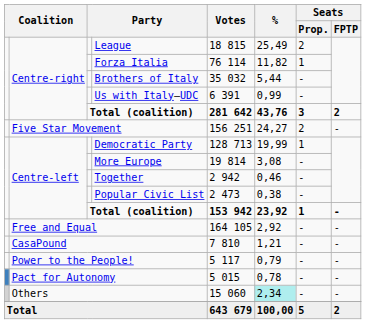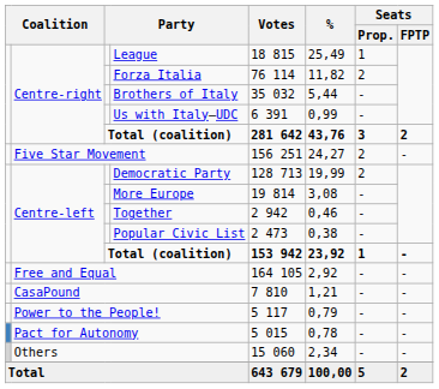 <table class="wikitable">
 <tr>
 <th colspan="2" rowspan="2">Coalition</th>
 <th colspan="2" rowspan="2">Party</th>
 <th rowspan="2">Votes</th>
 <th rowspan="2">%</th>
 <th colspan="2">Seats</th>
 </tr>
 <tr>
 <th>Prop.</th>
 <th>FPTP</th>
 </tr>
 <tr>
 <td rowspan="5"></td>
 <td rowspan="5"><a href='#'>Centre-right</a></td>
 <td></td>
 <td><a href='#'>League</a></td>
 <td>18 815</td>
 <td>25,49</td>
-<td>2</td>
+<td>1</td>
 <td rowspan="4"></td>
 </tr>
 <tr>
 <td></td>
 <td><a href='#'>Forza Italia</a></td>
 <td>76 114</td>
 <td>11,82</td>
-<td>1</td>
+<td>2</td>
 </tr>
 <tr>
 <td></td>
 <td><a href='#'>Brothers of Italy</a></td>
 <td>35 032</td>
 <td>5,44</td>
 <td>-</td>
 </tr>
 <tr>
 <td></td>
 <td><a href='#'>Us with Italy</a>–<a href='#'>UDC</a></td>
 <td>6 391</td>
 <td>0,99</td>
 <td>-</td>
 </tr>
 <tr>
 <td colspan="2"><strong>Total (coalition)</strong></td>
 <td><strong>281 642</strong></td>
 <td><strong>43,76</strong></td>
 <td><strong>3</strong></td>
 <td><strong>2</strong></td>
 </tr>
 <tr>
 <td></td>
 <td colspan="3"><a href='#'>Five Star Movement</a></td>
 <td>156 251</td>
 <td>24,27</td>
 <td>2</td>
 <td>-</td>
 </tr>
 <tr>
 <td rowspan="5"></td>
 <td rowspan="5"><a href='#'>Centre-left</a></td>
 <td></td>
 <td><a href='#'>Democratic Party</a></td>
 <td>128 713</td>
 <td>19,99</td>
-<td>1</td>
+<td>2</td>
 <td rowspan="4"></td>
 </tr>
 <tr>
 <td></td>
 <td><a href='#'>More Europe</a></td>
 <td>19 814</td>
 <td>3,08</td>
 <td>-</td>
 </tr>
 <tr>
 <td></td>
 <td><a href='#'>Together</a></td>
 <td>2 942</td>
 <td>0,46</td>
 <td>-</td>
 </tr>
 <tr>
 <td></td>
 <td><a href='#'>Popular Civic List</a></td>
 <td>2 473</td>
 <td>0,38</td>
 <td>-</td>
 </tr>
 <tr>
 <td colspan="2"><strong>Total (coalition)</strong></td>
 <td><strong>153 942</strong></td>
 <td><strong>23,92</strong></td>
 <td><strong>1</strong></td>
 <td><strong>-</strong></td>
 </tr>
 <tr>
 <td></td>
 <td colspan="3"><a href='#'>Free and Equal</a></td>
 <td>164 105</td>
 <td>2,92</td>
 <td>-</td>
 <td>-</td>
 </tr>
 <tr>
 <td></td>
 <td colspan="3"><a href='#'>CasaPound</a></td>
 <td>7 810</td>
 <td>1,21</td>
 <td>-</td>
 <td>-</td>
 </tr>
 <tr>
 <td></td>
 <td colspan="3"><a href='#'>Power to the People!</a></td>
 <td>5 117</td>
 <td>0,79</td>
 <td>-</td>
 <td>-</td>
 </tr>
 <tr>
 <td bgcolor="#3E80BD"></td>
 <td colspan="3"><a href='#'>Pact for Autonomy</a></td>
 <td>5 015</td>
 <td>0,78</td>
 <td>-</td>
 <td>-</td>
 </tr>
 <tr>
 <td bgcolor="Lightgrey"></td>
 <td colspan="3">Others</td>
 <td>15 060</td>
-<td style="background: paleturquoise;">2,34</td>
+<td>2,34</td>
 <td>-</td>
 <td>-</td>
 </tr>
 <tr>
 </tr>
 <tr bgcolor="#EFEFEF">
 <td colspan="4"><strong>Total</strong></td>
 <td><strong>643 679</strong></td>
 <td><strong>100,00</strong></td>
 <td><strong>5</strong></td>
 <td><strong>2</strong></td>
 </tr>
 </table>
